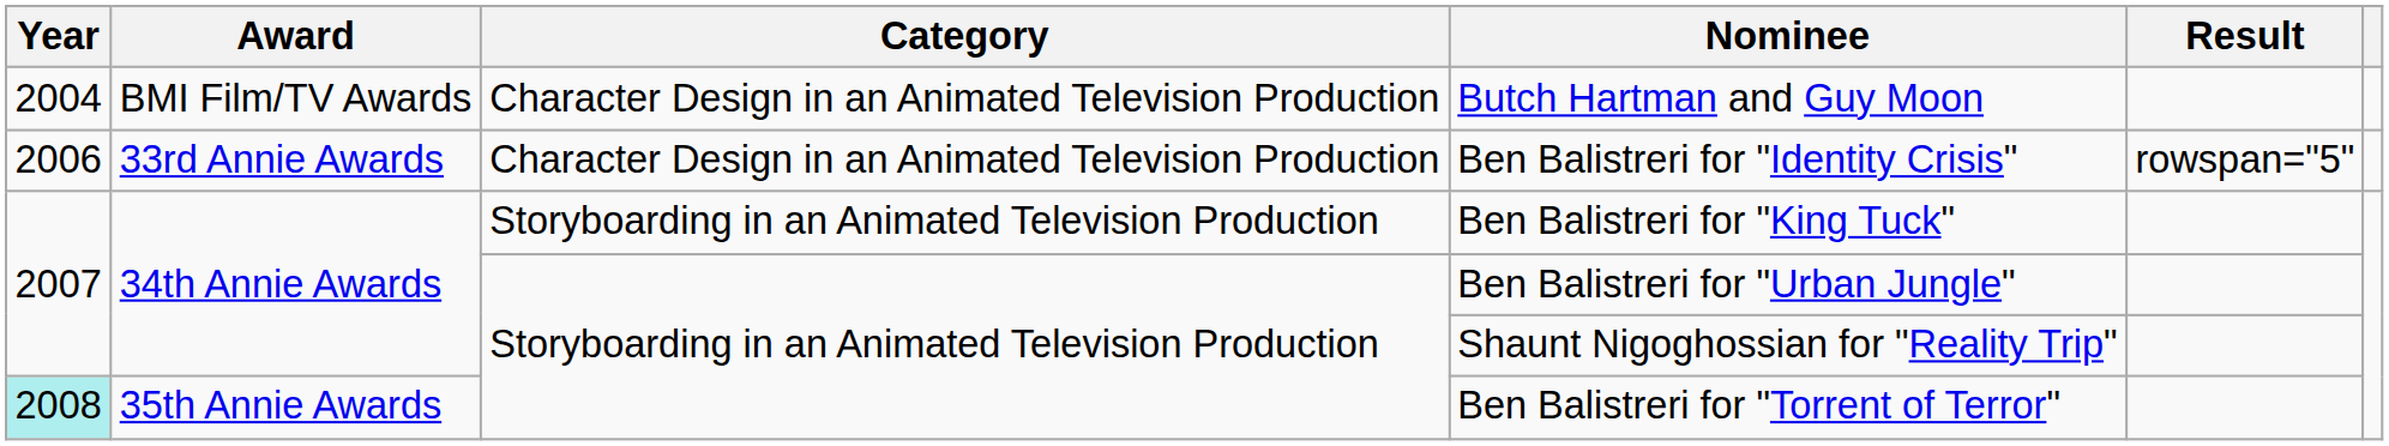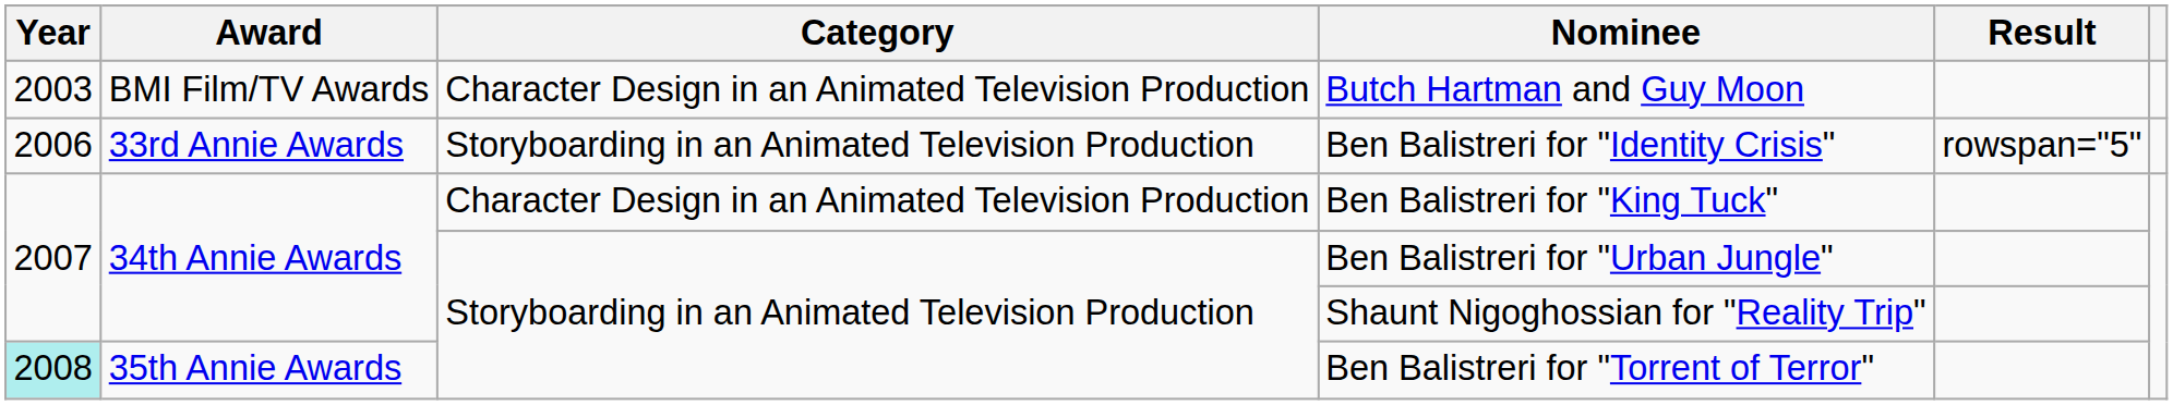 <table class="wikitable">
 <tr>
 <th>Year</th>
 <th>Award</th>
 <th>Category</th>
 <th>Nominee</th>
 <th>Result</th>
 <th></th>
 </tr>
 <tr>
-<td>2004</td>
+<td>2003</td>
 <td rowspan="1">BMI Film/TV Awards</td>
 <td>Character Design in an Animated Television Production</td>
 <td><a href='#'>Butch Hartman</a> and <a href='#'>Guy Moon</a></td>
 <td></td>
 <td align="center"></td>
 </tr>
 <tr>
 <td>2006</td>
 <td rowspan="1"><a href='#'>33rd Annie Awards</a></td>
-<td>Character Design in an Animated Television Production</td>
+<td>Storyboarding in an Animated Television Production</td>
 <td>Ben Balistreri for "<a href='#'>Identity Crisis</a>"</td>
 <td>rowspan="5" </td>
 <td align="center"></td>
 </tr>
 <tr>
 <td rowspan="3">2007</td>
 <td rowspan="3"><a href='#'>34th Annie Awards</a></td>
-<td>Storyboarding in an Animated Television Production</td>
+<td>Character Design in an Animated Television Production</td>
 <td>Ben Balistreri for "<a href='#'>King Tuck</a>"</td>
 <td align="center"></td>
 </tr>
 <tr>
 <td rowspan="3">Storyboarding in an Animated Television Production</td>
 <td>Ben Balistreri for "<a href='#'>Urban Jungle</a>"</td>
 <td align="center"></td>
 </tr>
 <tr>
 <td>Shaunt Nigoghossian for "<a href='#'>Reality Trip</a>"</td>
 <td align="center"></td>
 </tr>
 <tr>
 <td style="background: paleturquoise;">2008</td>
 <td rowspan="1"><a href='#'>35th Annie Awards</a></td>
 <td>Ben Balistreri for "<a href='#'>Torrent of Terror</a>"</td>
 <td align="center"></td>
 </tr>
 </table>
